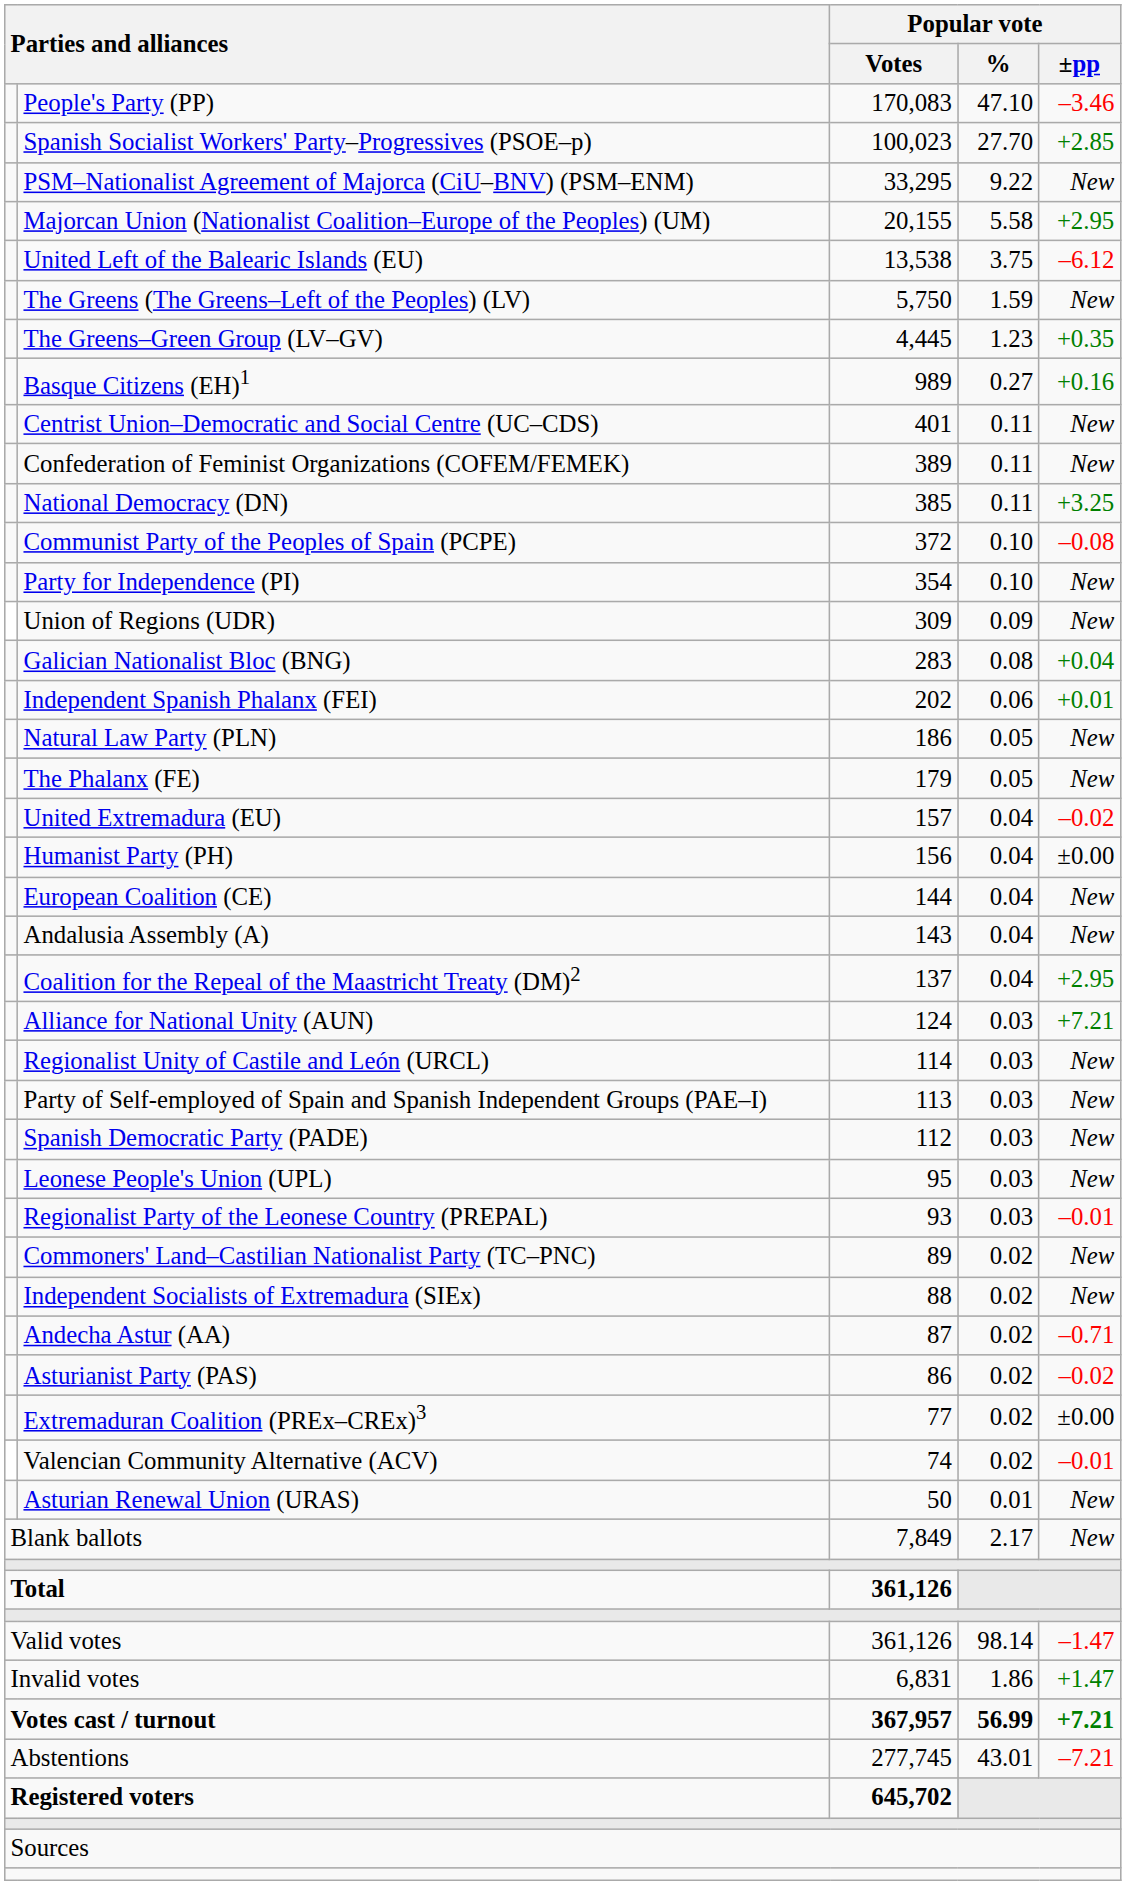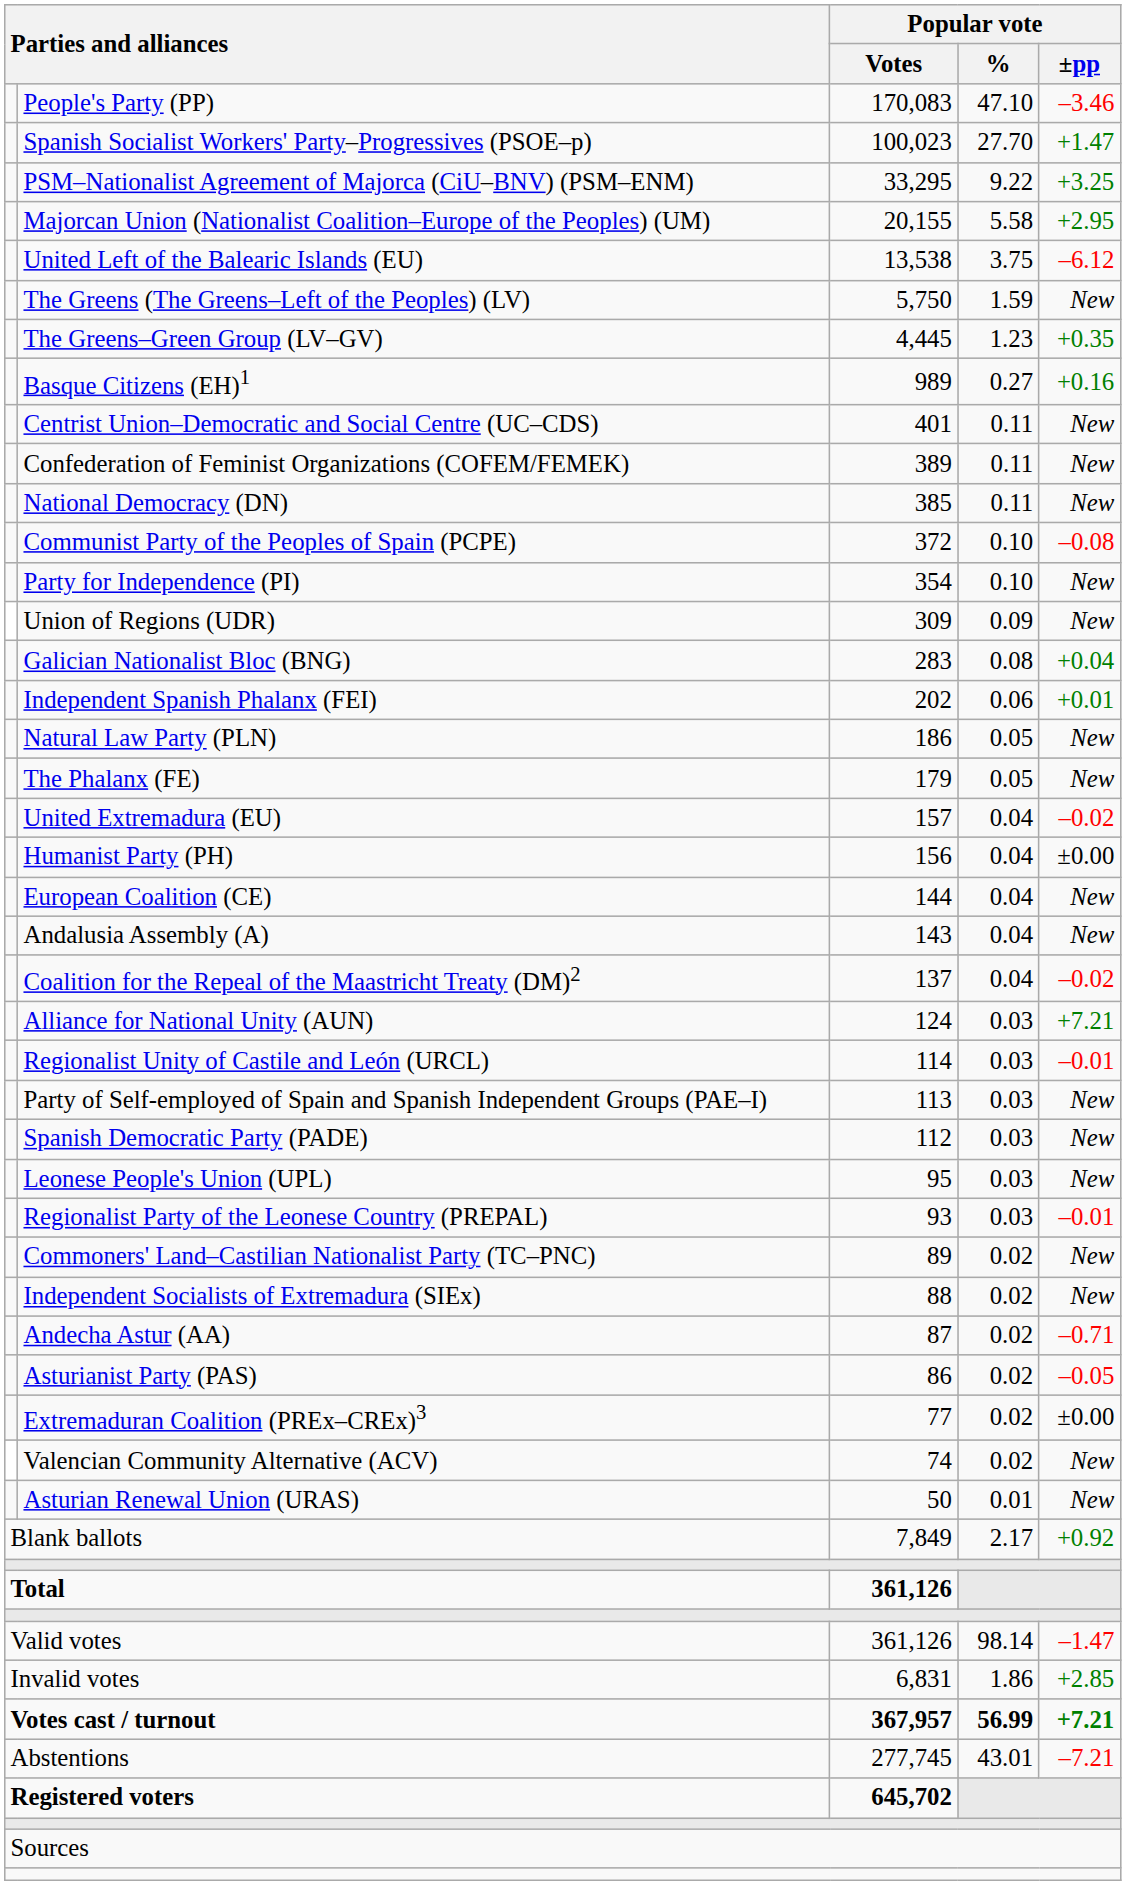 <table class="wikitable" style="text-align:right">
 <tr>
 <th style="text-align:left;" rowspan="2" colspan="2" width="525">Parties and alliances</th>
 <th colspan="3">Popular vote</th>
 </tr>
 <tr>
 <th width="75">Votes</th>
 <th width="45">%</th>
 <th width="45">±<a href='#'>pp</a></th>
 </tr>
 <tr>
 <td width="1" style="color:inherit;background:"></td>
 <td align="left"><a href='#'>People's Party</a> (PP)</td>
 <td>170,083</td>
 <td>47.10</td>
 <td style="color:red;">–3.46</td>
 </tr>
 <tr>
 <td style="color:inherit;background:"></td>
 <td align="left"><a href='#'>Spanish Socialist Workers' Party</a>–<a href='#'>Progressives</a> (PSOE–p)</td>
 <td>100,023</td>
 <td>27.70</td>
-<td style="color:green;">+2.85</td>
+<td style="color:green;">+1.47</td>
 </tr>
 <tr>
 <td style="color:inherit;background:"></td>
 <td align="left"><a href='#'>PSM–Nationalist Agreement of Majorca</a> (<a href='#'>CiU</a>–<a href='#'>BNV</a>) (PSM–ENM)</td>
 <td>33,295</td>
 <td>9.22</td>
-<td><em>New</em></td>
+<td style="color:green;">+3.25</td>
 </tr>
 <tr>
 <td style="color:inherit;background:"></td>
 <td align="left"><a href='#'>Majorcan Union</a> (<a href='#'>Nationalist Coalition–Europe of the Peoples</a>) (UM)</td>
 <td>20,155</td>
 <td>5.58</td>
 <td style="color:green;">+2.95</td>
 </tr>
 <tr>
 <td style="color:inherit;background:"></td>
 <td align="left"><a href='#'>United Left of the Balearic Islands</a> (EU)</td>
 <td>13,538</td>
 <td>3.75</td>
 <td style="color:red;">–6.12</td>
 </tr>
 <tr>
 <td style="color:inherit;background:"></td>
 <td align="left"><a href='#'>The Greens</a> (<a href='#'>The Greens–Left of the Peoples</a>) (LV)</td>
 <td>5,750</td>
 <td>1.59</td>
 <td><em>New</em></td>
 </tr>
 <tr>
 <td style="color:inherit;background:"></td>
 <td align="left"><a href='#'>The Greens–Green Group</a> (LV–GV)</td>
 <td>4,445</td>
 <td>1.23</td>
 <td style="color:green;">+0.35</td>
 </tr>
 <tr>
 <td style="color:inherit;background:"></td>
 <td align="left"><a href='#'>Basque Citizens</a> (EH)<sup>1</sup></td>
 <td>989</td>
 <td>0.27</td>
 <td style="color:green;">+0.16</td>
 </tr>
 <tr>
 <td style="color:inherit;background:"></td>
 <td align="left"><a href='#'>Centrist Union–Democratic and Social Centre</a> (UC–CDS)</td>
 <td>401</td>
 <td>0.11</td>
 <td><em>New</em></td>
 </tr>
 <tr>
 <td style="color:inherit;background:"></td>
 <td align="left">Confederation of Feminist Organizations (COFEM/FEMEK)</td>
 <td>389</td>
 <td>0.11</td>
 <td><em>New</em></td>
 </tr>
 <tr>
 <td style="color:inherit;background:"></td>
 <td align="left"><a href='#'>National Democracy</a> (DN)</td>
 <td>385</td>
 <td>0.11</td>
-<td style="color:green;">+3.25</td>
+<td><em>New</em></td>
 </tr>
 <tr>
 <td style="color:inherit;background:"></td>
 <td align="left"><a href='#'>Communist Party of the Peoples of Spain</a> (PCPE)</td>
 <td>372</td>
 <td>0.10</td>
 <td style="color:red;">–0.08</td>
 </tr>
 <tr>
 <td style="color:inherit;background:"></td>
 <td align="left"><a href='#'>Party for Independence</a> (PI)</td>
 <td>354</td>
 <td>0.10</td>
 <td><em>New</em></td>
 </tr>
 <tr>
 <td bgcolor="white"></td>
 <td align="left">Union of Regions (UDR)</td>
 <td>309</td>
 <td>0.09</td>
 <td><em>New</em></td>
 </tr>
 <tr>
 <td style="color:inherit;background:"></td>
 <td align="left"><a href='#'>Galician Nationalist Bloc</a> (BNG)</td>
 <td>283</td>
 <td>0.08</td>
 <td style="color:green;">+0.04</td>
 </tr>
 <tr>
 <td style="color:inherit;background:"></td>
 <td align="left"><a href='#'>Independent Spanish Phalanx</a> (FEI)</td>
 <td>202</td>
 <td>0.06</td>
 <td style="color:green;">+0.01</td>
 </tr>
 <tr>
 <td style="color:inherit;background:"></td>
 <td align="left"><a href='#'>Natural Law Party</a> (PLN)</td>
 <td>186</td>
 <td>0.05</td>
 <td><em>New</em></td>
 </tr>
 <tr>
 <td style="color:inherit;background:"></td>
 <td align="left"><a href='#'>The Phalanx</a> (FE)</td>
 <td>179</td>
 <td>0.05</td>
 <td><em>New</em></td>
 </tr>
 <tr>
 <td style="color:inherit;background:"></td>
 <td align="left"><a href='#'>United Extremadura</a> (EU)</td>
 <td>157</td>
 <td>0.04</td>
 <td style="color:red;">–0.02</td>
 </tr>
 <tr>
 <td style="color:inherit;background:"></td>
 <td align="left"><a href='#'>Humanist Party</a> (PH)</td>
 <td>156</td>
 <td>0.04</td>
 <td>±0.00</td>
 </tr>
 <tr>
 <td style="color:inherit;background:"></td>
 <td align="left"><a href='#'>European Coalition</a> (CE)</td>
 <td>144</td>
 <td>0.04</td>
 <td><em>New</em></td>
 </tr>
 <tr>
 <td style="color:inherit;background:"></td>
 <td align="left">Andalusia Assembly (A)</td>
 <td>143</td>
 <td>0.04</td>
 <td><em>New</em></td>
 </tr>
 <tr>
 <td style="color:inherit;background:"></td>
 <td align="left"><a href='#'>Coalition for the Repeal of the Maastricht Treaty</a> (DM)<sup>2</sup></td>
 <td>137</td>
 <td>0.04</td>
-<td style="color:green;">+2.95</td>
+<td style="color:red;">–0.02</td>
 </tr>
 <tr>
 <td style="color:inherit;background:"></td>
 <td align="left"><a href='#'>Alliance for National Unity</a> (AUN)</td>
 <td>124</td>
 <td>0.03</td>
 <td style="color:green;">+7.21</td>
 </tr>
 <tr>
 <td style="color:inherit;background:"></td>
 <td align="left"><a href='#'>Regionalist Unity of Castile and León</a> (URCL)</td>
 <td>114</td>
 <td>0.03</td>
-<td><em>New</em></td>
+<td style="color:red;">–0.01</td>
 </tr>
 <tr>
 <td style="color:inherit;background:"></td>
 <td align="left">Party of Self-employed of Spain and Spanish Independent Groups (PAE–I)</td>
 <td>113</td>
 <td>0.03</td>
 <td><em>New</em></td>
 </tr>
 <tr>
 <td style="color:inherit;background:"></td>
 <td align="left"><a href='#'>Spanish Democratic Party</a> (PADE)</td>
 <td>112</td>
 <td>0.03</td>
 <td><em>New</em></td>
 </tr>
 <tr>
 <td style="color:inherit;background:"></td>
 <td align="left"><a href='#'>Leonese People's Union</a> (UPL)</td>
 <td>95</td>
 <td>0.03</td>
 <td><em>New</em></td>
 </tr>
 <tr>
 <td style="color:inherit;background:"></td>
 <td align="left"><a href='#'>Regionalist Party of the Leonese Country</a> (PREPAL)</td>
 <td>93</td>
 <td>0.03</td>
 <td style="color:red;">–0.01</td>
 </tr>
 <tr>
 <td style="color:inherit;background:"></td>
 <td align="left"><a href='#'>Commoners' Land–Castilian Nationalist Party</a> (TC–PNC)</td>
 <td>89</td>
 <td>0.02</td>
 <td><em>New</em></td>
 </tr>
 <tr>
 <td style="color:inherit;background:"></td>
 <td align="left"><a href='#'>Independent Socialists of Extremadura</a> (SIEx)</td>
 <td>88</td>
 <td>0.02</td>
 <td><em>New</em></td>
 </tr>
 <tr>
 <td style="color:inherit;background:"></td>
 <td align="left"><a href='#'>Andecha Astur</a> (AA)</td>
 <td>87</td>
 <td>0.02</td>
 <td style="color:red;">–0.71</td>
 </tr>
 <tr>
 <td style="color:inherit;background:"></td>
 <td align="left"><a href='#'>Asturianist Party</a> (PAS)</td>
 <td>86</td>
 <td>0.02</td>
-<td style="color:red;">–0.02</td>
+<td style="color:red;">–0.05</td>
 </tr>
 <tr>
 <td style="color:inherit;background:"></td>
 <td align="left"><a href='#'>Extremaduran Coalition</a> (PREx–CREx)<sup>3</sup></td>
 <td>77</td>
 <td>0.02</td>
 <td>±0.00</td>
 </tr>
 <tr>
 <td bgcolor="white"></td>
 <td align="left">Valencian Community Alternative (ACV)</td>
 <td>74</td>
 <td>0.02</td>
-<td style="color:red;">–0.01</td>
+<td><em>New</em></td>
 </tr>
 <tr>
 <td style="color:inherit;background:"></td>
 <td align="left"><a href='#'>Asturian Renewal Union</a> (URAS)</td>
 <td>50</td>
 <td>0.01</td>
 <td><em>New</em></td>
 </tr>
 <tr>
 <td align="left" colspan="2">Blank ballots</td>
 <td>7,849</td>
 <td>2.17</td>
-<td><em>New</em></td>
+<td style="color:green;">+0.92</td>
 </tr>
 <tr>
 <td colspan="5" bgcolor="#E9E9E9"></td>
 </tr>
 <tr style="font-weight:bold;">
 <td align="left" colspan="2">Total</td>
 <td>361,126</td>
 <td bgcolor="#E9E9E9" colspan="2"></td>
 </tr>
 <tr>
 <td colspan="5" bgcolor="#E9E9E9"></td>
 </tr>
 <tr>
 <td align="left" colspan="2">Valid votes</td>
 <td>361,126</td>
 <td>98.14</td>
 <td style="color:red;">–1.47</td>
 </tr>
 <tr>
 <td align="left" colspan="2">Invalid votes</td>
 <td>6,831</td>
 <td>1.86</td>
-<td style="color:green;">+1.47</td>
+<td style="color:green;">+2.85</td>
 </tr>
 <tr style="font-weight:bold;">
 <td align="left" colspan="2">Votes cast / turnout</td>
 <td>367,957</td>
 <td>56.99</td>
 <td style="color:green;">+7.21</td>
 </tr>
 <tr>
 <td align="left" colspan="2">Abstentions</td>
 <td>277,745</td>
 <td>43.01</td>
 <td style="color:red;">–7.21</td>
 </tr>
 <tr style="font-weight:bold;">
 <td align="left" colspan="2">Registered voters</td>
 <td>645,702</td>
 <td bgcolor="#E9E9E9" colspan="2"></td>
 </tr>
 <tr>
 <td colspan="5" bgcolor="#E9E9E9"></td>
 </tr>
 <tr>
 <td align="left" colspan="5">Sources</td>
 </tr>
 <tr>
 <td colspan="5" style="text-align:left; max-width:680px;"></td>
 </tr>
 </table>
